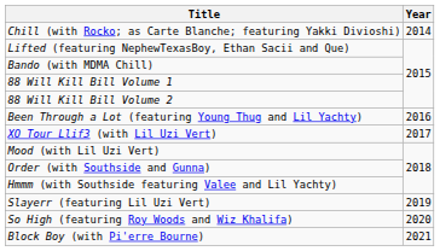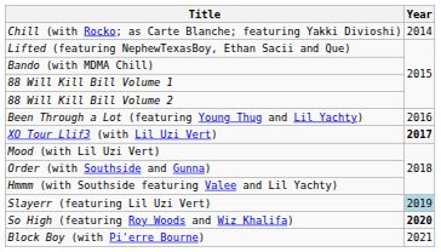 <table class="wikitable">
 <tr>
 <th>Title</th>
 <th>Year</th>
 </tr>
 <tr>
 <td><em>Chill</em> (with <a href='#'>Rocko</a>; as Carte Blanche; featuring Yakki Divioshi)</td>
 <td>2014</td>
 </tr>
 <tr>
 <td><em>Lifted</em> (featuring NephewTexasBoy, Ethan Sacii and Que)</td>
 <td rowspan="4">2015</td>
 </tr>
 <tr>
 <td><em>Bando</em> (with MDMA Chill)</td>
 </tr>
 <tr>
 <td><em>88 Will Kill Bill Volume 1</em></td>
 </tr>
 <tr>
 <td><em>88 Will Kill Bill Volume 2</em></td>
 </tr>
 <tr>
 <td><em>Been Through a Lot</em> (featuring <a href='#'>Young Thug</a> and <a href='#'>Lil Yachty</a>)</td>
 <td>2016</td>
 </tr>
 <tr>
 <td><em><a href='#'>XO Tour Llif3</a></em> (with <a href='#'>Lil Uzi Vert</a>)</td>
-<td>2017</td>
+<td><strong>2017</strong></td>
 </tr>
 <tr>
 <td><em>Mood</em> (with Lil Uzi Vert)</td>
 <td rowspan="3">2018</td>
 </tr>
 <tr>
 <td><em>Order</em> (with <a href='#'>Southside</a> and <a href='#'>Gunna</a>)</td>
 </tr>
 <tr>
 <td><em>Hmmm</em> (with Southside featuring <a href='#'>Valee</a> and Lil Yachty)</td>
 </tr>
 <tr>
 <td><em>Slayerr</em> (featuring Lil Uzi Vert)</td>
-<td>2019</td>
+<td style="background: lightblue;">2019</td>
 </tr>
 <tr>
 <td><em>So High</em> (featuring <a href='#'>Roy Woods</a> and <a href='#'>Wiz Khalifa</a>)</td>
-<td>2020</td>
+<td><strong>2020</strong></td>
 </tr>
 <tr>
 <td><em>Block Boy</em> (with <a href='#'>Pi'erre Bourne</a>)</td>
 <td>2021</td>
 </tr>
 </table>
